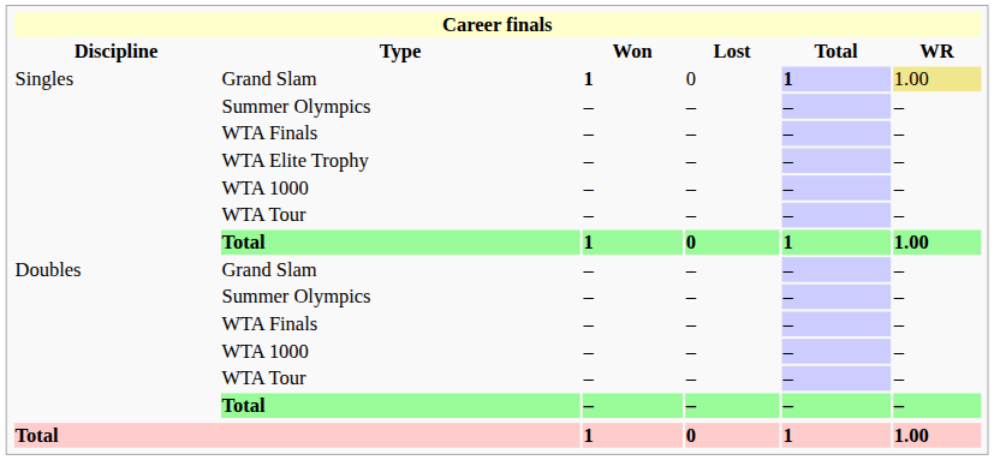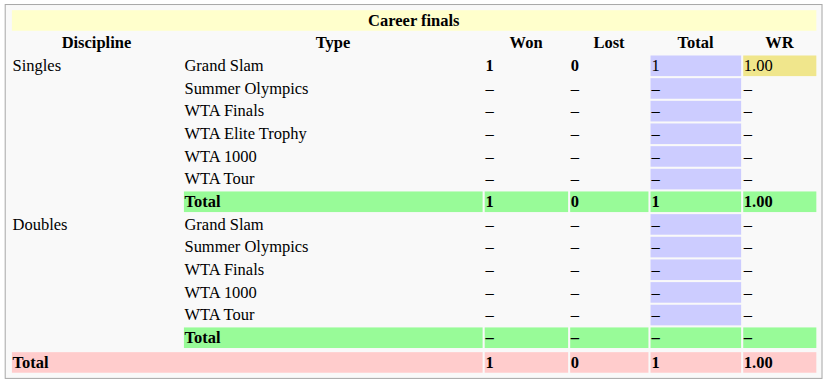 <table class="infobox vcard vevent nowrap" width=40%>
 <tr bgcolor=ffffcc>
 <th colspan=6>Career finals</th>
 </tr>
 <tr>
 <th>Discipline</th>
 <th>Type</th>
 <th>Won</th>
 <th>Lost</th>
 <th>Total</th>
 <th>WR</th>
 </tr>
 <tr>
 <td rowspan=7>Singles</td>
 <td>Grand Slam</td>
 <td><strong>1</strong></td>
-<td>0</td>
-<td bgcolor=CCCCFF><strong>1</strong></td>
+<td><strong>0</strong></td>
+<td bgcolor=CCCCFF>1</td>
 <td style="background: khaki;">1.00</td>
 </tr>
 <tr>
 <td>Summer Olympics</td>
 <td>–</td>
 <td>–</td>
 <td bgcolor=CCCCFF>–</td>
 <td>–</td>
 </tr>
 <tr>
 <td>WTA Finals</td>
 <td>–</td>
 <td>–</td>
 <td bgcolor=CCCCFF>–</td>
 <td>–</td>
 </tr>
 <tr>
 <td>WTA Elite Trophy</td>
 <td>–</td>
 <td>–</td>
 <td bgcolor=CCCCFF>–</td>
 <td>–</td>
 </tr>
 <tr>
 <td>WTA 1000</td>
 <td>–</td>
 <td>–</td>
 <td bgcolor=CCCCFF>–</td>
 <td>–</td>
 </tr>
 <tr>
 <td>WTA Tour</td>
 <td>–</td>
 <td>–</td>
 <td bgcolor=CCCCFF>–</td>
 <td>–</td>
 </tr>
 <tr bgcolor=98FB98>
 <td><strong>Total</strong></td>
 <td><strong>1</strong></td>
 <td><strong>0</strong></td>
 <td><strong>1</strong></td>
 <td><strong>1.00</strong></td>
 </tr>
 <tr>
 <td rowspan=6>Doubles</td>
 <td>Grand Slam</td>
 <td>–</td>
 <td>–</td>
 <td bgcolor=CCCCFF>–</td>
 <td>–</td>
 </tr>
 <tr>
 <td>Summer Olympics</td>
 <td>–</td>
 <td>–</td>
 <td bgcolor=CCCCFF>–</td>
 <td>–</td>
 </tr>
 <tr>
 <td>WTA Finals</td>
 <td>–</td>
 <td>–</td>
 <td bgcolor=CCCCFF>–</td>
 <td>–</td>
 </tr>
 <tr>
 <td>WTA 1000</td>
 <td>–</td>
 <td>–</td>
 <td bgcolor=CCCCFF>–</td>
 <td>–</td>
 </tr>
 <tr>
 <td>WTA Tour</td>
 <td>–</td>
 <td>–</td>
 <td bgcolor=CCCCFF>–</td>
 <td>–</td>
 </tr>
 <tr bgcolor=98FB98>
 <td><strong>Total</strong></td>
 <td><strong>–</strong></td>
 <td><strong>–</strong></td>
 <td><strong>–</strong></td>
 <td><strong>–</strong></td>
 </tr>
 <tr>
 </tr>
 <tr bgcolor=FFCCCC>
 <td colspan=2><strong>Total</strong></td>
 <td><strong>1</strong></td>
 <td><strong>0</strong></td>
 <td><strong>1</strong></td>
 <td><strong>1.00</strong></td>
 </tr>
 </table>
